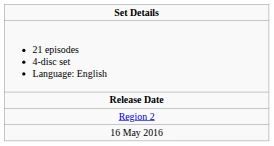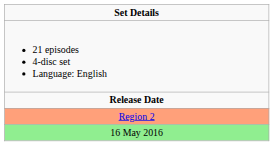 <table class="wikitable" style="font-size: 95%;">
 <tr valign="top">
 <td align="center" width="400" colspan="3"><strong>Set Details</strong></td>
 </tr>
 <tr valign="top">
 <td colspan="3" align="left" width="400"><br><ul><li>21 episodes</li><li>4-disc set</li><li>Language: English</li></ul></td>
 </tr>
 <tr>
 <td colspan="3" align="center"><strong>Release Date</strong></td>
 </tr>
 <tr>
-<td align="center"><a href='#'>Region 2</a></td>
+<td align="center" style="background: lightsalmon;"><a href='#'>Region 2</a></td>
 </tr>
 <tr>
-<td align="center">16 May 2016</td>
+<td align="center" style="background: lightgreen;">16 May 2016</td>
 </tr>
 </table>
